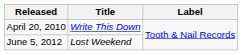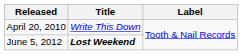 <table class="wikitable">
 <tr>
 <th>Released</th>
 <th>Title</th>
 <th>Label</th>
 </tr>
 <tr>
 <td>April 20, 2010</td>
 <td><em><a href='#'>Write This Down</a></em></td>
 <td rowspan="2"><a href='#'>Tooth & Nail Records</a></td>
 </tr>
 <tr>
 <td>June 5, 2012</td>
-<td><em>Lost Weekend</em></td>
+<td><strong><em>Lost Weekend</em></strong></td>
 </tr>
 </table>
